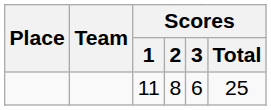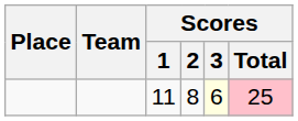 <table class=wikitable style="text-align:center">
 <tr>
 <th rowspan=2>Place</th>
 <th rowspan=2>Team</th>
 <th colspan=4>Scores</th>
 </tr>
 <tr>
 <th>1</th>
 <th>2</th>
 <th>3</th>
 <th>Total</th>
 </tr>
 <tr>
 <td></td>
 <td align=left></td>
 <td>11</td>
 <td>8</td>
-<td>6</td>
-<td>25</td>
+<td style="background: lightyellow;">6</td>
+<td style="background: pink;">25</td>
 </tr>
 </table>
